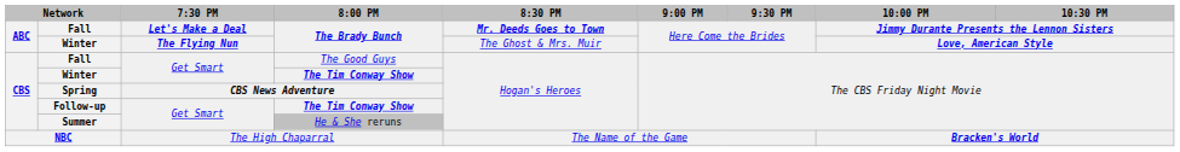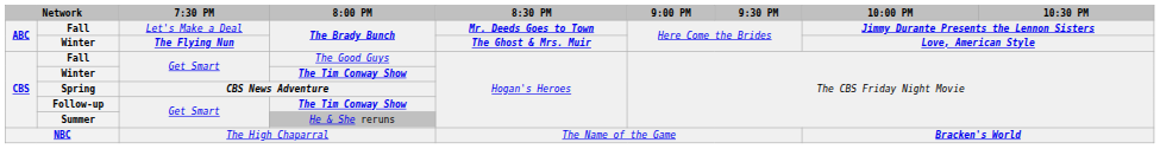 <table class="wikitable" style="width:100%;margin-right:0;text-align:center">
 <tr>
 <th colspan="2" style="background-color:#C0C0C0;text-align:center">Network</th>
 <th style="background-color:#C0C0C0;text-align:center">7:30 PM</th>
 <th style="background-color:#C0C0C0;text-align:center">8:00 PM</th>
 <th style="background-color:#C0C0C0;text-align:center">8:30 PM</th>
 <th style="background-color:#C0C0C0;text-align:center">9:00 PM</th>
 <th style="background-color:#C0C0C0;text-align:center">9:30 PM</th>
 <th style="background-color:#C0C0C0;text-align:center">10:00 PM</th>
 <th style="background-color:#C0C0C0;text-align:center">10:30 PM</th>
 </tr>
 <tr>
 <th rowspan="2"><a href='#'>ABC</a></th>
 <th>Fall</th>
-<td bgcolor="#F0F0F0"><strong><em><a href='#'>Let's Make a Deal</a></em></strong></td>
+<td bgcolor="#F0F0F0"><em><a href='#'>Let's Make a Deal</a></em></td>
 <td bgcolor="#F0F0F0" rowspan="2"><strong><em><a href='#'>The Brady Bunch</a></em></strong></td>
 <td bgcolor="#F0F0F0"><strong><em><a href='#'>Mr. Deeds Goes to Town</a></em></strong></td>
 <td bgcolor="#F0F0F0" colspan="2" rowspan="2"><em><a href='#'>Here Come the Brides</a></em></td>
 <td bgcolor="#F0F0F0" colspan="2"><strong><em><a href='#'>Jimmy Durante Presents the Lennon Sisters</a></em></strong></td>
 </tr>
 <tr>
 <th>Winter</th>
 <td bgcolor="F0F0F0"><strong><em><a href='#'>The Flying Nun</a></em></strong></td>
-<td bgcolor="F0F0F0"><em><a href='#'>The Ghost & Mrs. Muir</a></em></td>
+<td bgcolor="F0F0F0"><strong><em><a href='#'>The Ghost & Mrs. Muir</a></em></strong></td>
 <td bgcolor="#F0F0F0" colspan="2"><strong><em><a href='#'>Love, American Style</a></em></strong></td>
 </tr>
 <tr>
 <th rowspan="5"><a href='#'>CBS</a></th>
 <th>Fall</th>
 <td bgcolor="#F0F0F0" rowspan="2"><em><a href='#'>Get Smart</a></em></td>
 <td bgcolor="#F0F0F0"><em><a href='#'>The Good Guys</a></em></td>
 <td bgcolor="#F0F0F0" rowspan="5"><em><a href='#'>Hogan's Heroes</a></em></td>
 <td bgcolor="#F0F0F0" colspan="4" rowspan="5"><em>The CBS Friday Night Movie</em></td>
 </tr>
 <tr>
 <th>Winter</th>
 <td bgcolor="#F0F0F0"><strong><em><a href='#'>The Tim Conway Show</a></em></strong></td>
 </tr>
 <tr>
 <th>Spring</th>
 <td bgcolor="#F0F0F0" colspan="2"><strong><em>CBS News Adventure</em></strong></td>
 </tr>
 <tr>
 <th>Follow-up</th>
 <td bgcolor="#F0F0F0" rowspan="2"><em><a href='#'>Get Smart</a></em></td>
 <td bgcolor="#F0F0F0"><strong><em><a href='#'>The Tim Conway Show</a></em></strong></td>
 </tr>
 <tr>
 <th>Summer</th>
 <td bgcolor="#C0C0C0"><em><a href='#'>He & She</a></em> reruns</td>
 </tr>
 <tr>
 <th colspan="2"><a href='#'>NBC</a></th>
 <td bgcolor="#F0F0F0" colspan="2"><em><a href='#'>The High Chaparral</a></em></td>
 <td bgcolor="#F0F0F0" colspan="3"><em><a href='#'>The Name of the Game</a></em></td>
 <td bgcolor="#F0F0F0" colspan="2"><strong><em><a href='#'>Bracken's World</a></em></strong></td>
 </tr>
 </table>
